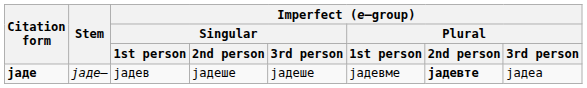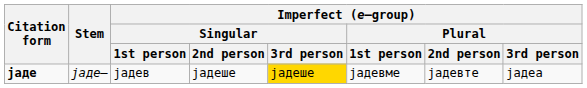 <table class="wikitable">
 <tr>
 <th rowspan="3">Citation<br>form</th>
 <th rowspan="3">Stem</th>
 <th colspan="6">Imperfect (<em>е</em>–group)</th>
 </tr>
 <tr>
 <th colspan="3">Singular</th>
 <th colspan="3">Plural</th>
 </tr>
 <tr>
 <th>1st person</th>
 <th>2nd person</th>
 <th>3rd person</th>
 <th>1st person</th>
 <th>2nd person</th>
 <th>3rd person</th>
 </tr>
 <tr>
 <td><strong>јаде</strong></td>
 <td><em>јаде–</em></td>
 <td>јаде<span>в</span></td>
 <td>јаде<span>ше</span></td>
-<td>јаде<span>ше</span></td>
+<td style="background: gold;">јаде<span>ше</span></td>
 <td>јаде<span>вме</span></td>
-<td><strong>јаде<span>вте</span></strong></td>
+<td>јаде<span>вте</span></td>
 <td>јаде<span>а</span></td>
 </tr>
 </table>
